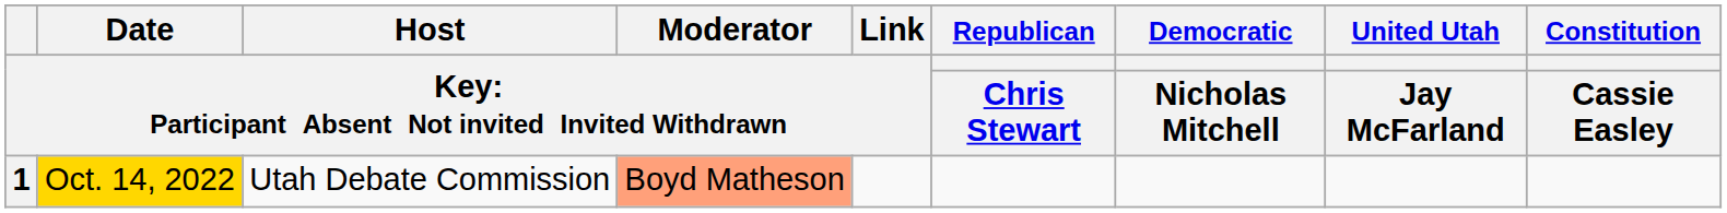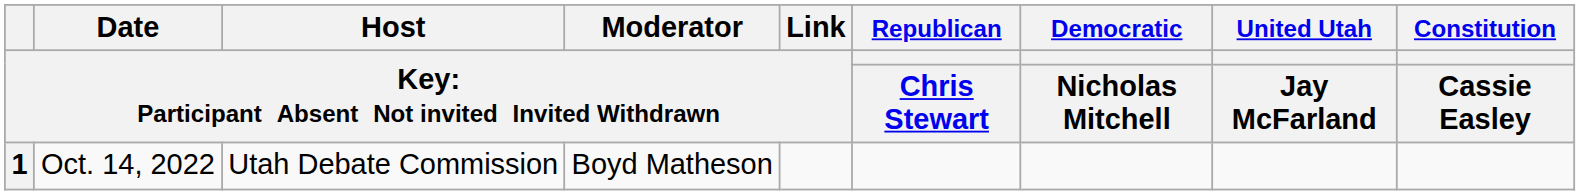 <table class="wikitable" style="text-align:center;">
 <tr>
 <th scope="col"></th>
 <th scope="col">Date</th>
 <th scope="col">Host</th>
 <th scope="col">Moderator</th>
 <th scope="col">Link</th>
 <th scope="col"><small><a href='#'>Republican</a></small></th>
 <th scope="col"><small><a href='#'>Democratic</a></small></th>
 <th scope="col"><small><a href='#'>United Utah</a></small></th>
 <th scope="col"><small><a href='#'>Constitution</a></small></th>
 </tr>
 <tr>
 <th colspan="5" rowspan="2">Key:<br> <small>Participant </small>  <small>Absent </small>  <small>Not invited </small>  <small>Invited  Withdrawn</small></th>
 <th scope="col" style="background:"></th>
 <th scope="col" style="background:"></th>
 <th scope="col" style="background:"></th>
 <th scope="col" style="background:"></th>
 </tr>
 <tr>
 <th scope="col"><a href='#'>Chris Stewart</a></th>
 <th scope="col">Nicholas Mitchell</th>
 <th scope="col">Jay McFarland</th>
 <th scope="col">Cassie Easley</th>
 </tr>
 <tr>
 <th>1</th>
-<td style="background: gold; white-space:nowrap;">Oct. 14, 2022</td>
+<td style="white-space:nowrap;">Oct. 14, 2022</td>
 <td style="white-space:nowrap;">Utah Debate Commission</td>
-<td style="background: lightsalmon; white-space:nowrap;">Boyd Matheson</td>
+<td style="white-space:nowrap;">Boyd Matheson</td>
 <td style="white-space:nowrap;"></td>
 <td></td>
 <td></td>
 <td></td>
 <td></td>
 </tr>
 </table>
